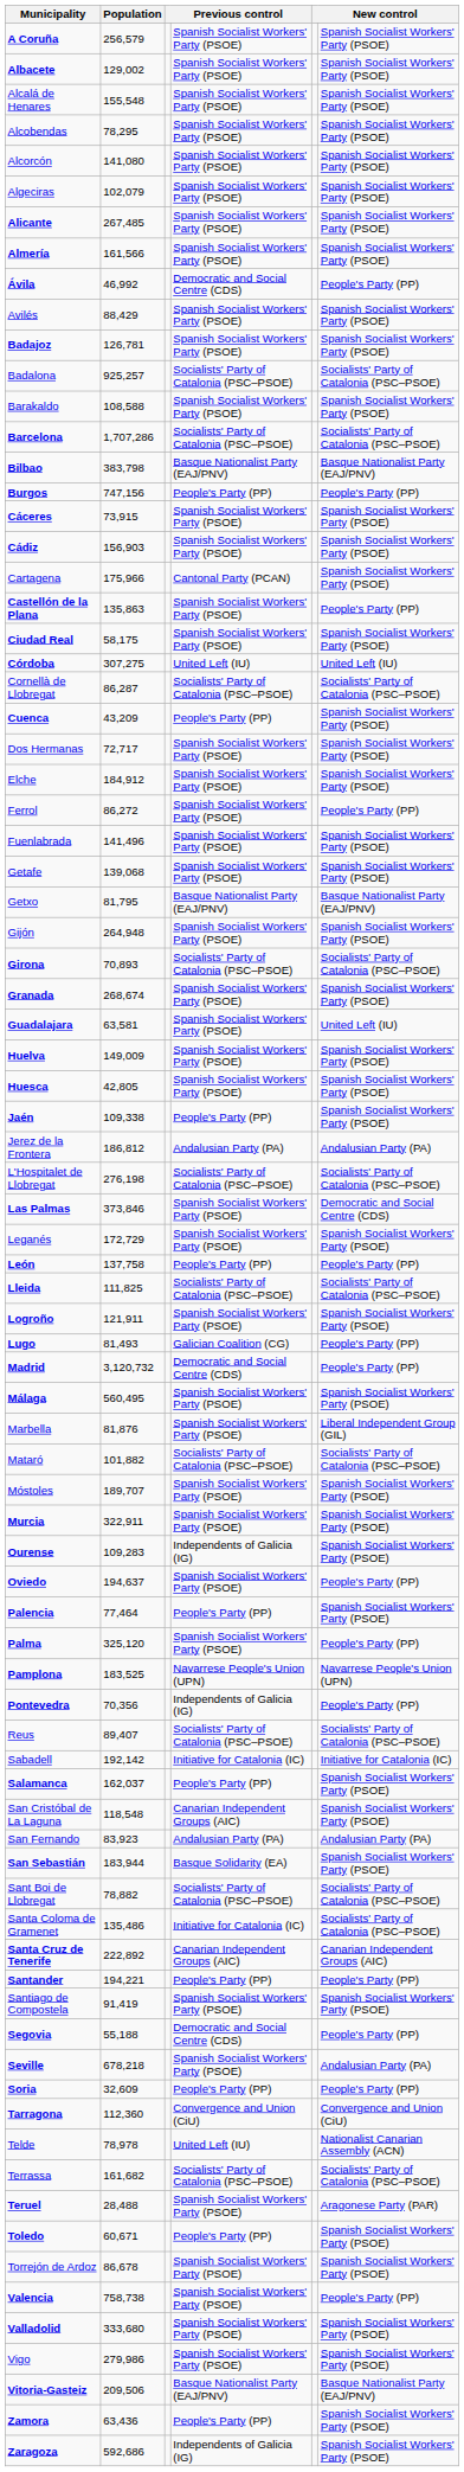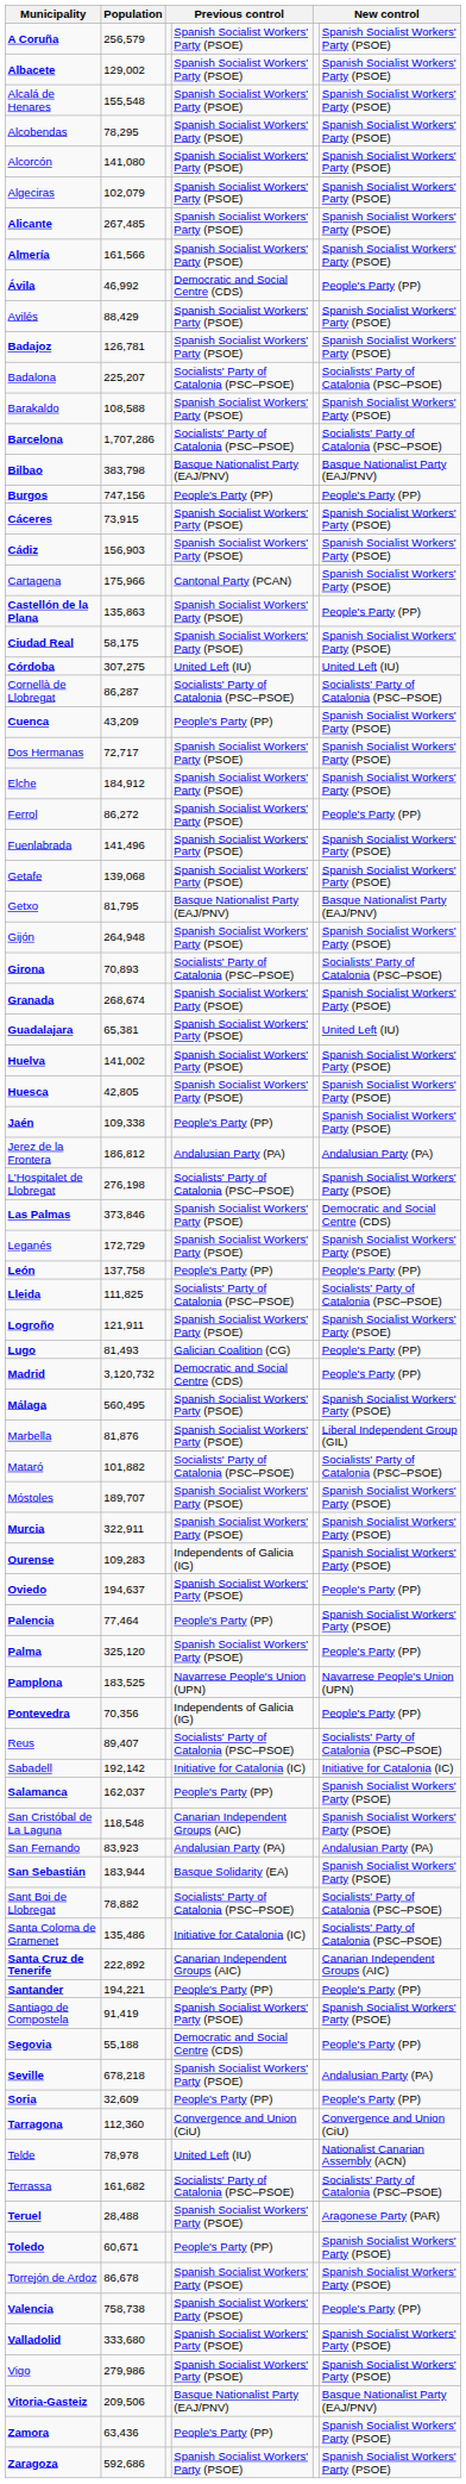 <table class="wikitable sortable" style="font-size:95%;">
 <tr>
 <th>Municipality</th>
 <th>Population</th>
 <th colspan="2" style="width:375px;">Previous control</th>
 <th colspan="2" style="width:375px;">New control</th>
 </tr>
 <tr>
 <td><strong><a href='#'>A Coruña</a></strong></td>
 <td>256,579</td>
 <td width="1" style="color:inherit;background:"></td>
 <td><a href='#'>Spanish Socialist Workers' Party</a> (PSOE)</td>
 <td width="1" style="color:inherit;background:"></td>
 <td><a href='#'>Spanish Socialist Workers' Party</a> (PSOE)</td>
 </tr>
 <tr>
 <td><strong><a href='#'>Albacete</a></strong></td>
 <td>129,002</td>
 <td style="color:inherit;background:"></td>
 <td><a href='#'>Spanish Socialist Workers' Party</a> (PSOE)</td>
 <td style="color:inherit;background:"></td>
 <td><a href='#'>Spanish Socialist Workers' Party</a> (PSOE)</td>
 </tr>
 <tr>
 <td><a href='#'>Alcalá de Henares</a></td>
 <td>155,548</td>
 <td style="color:inherit;background:"></td>
 <td><a href='#'>Spanish Socialist Workers' Party</a> (PSOE)</td>
 <td style="color:inherit;background:"></td>
 <td><a href='#'>Spanish Socialist Workers' Party</a> (PSOE)</td>
 </tr>
 <tr>
 <td><a href='#'>Alcobendas</a></td>
 <td>78,295</td>
 <td style="color:inherit;background:"></td>
 <td><a href='#'>Spanish Socialist Workers' Party</a> (PSOE)</td>
 <td style="color:inherit;background:"></td>
 <td><a href='#'>Spanish Socialist Workers' Party</a> (PSOE)</td>
 </tr>
 <tr>
 <td><a href='#'>Alcorcón</a></td>
 <td>141,080</td>
 <td style="color:inherit;background:"></td>
 <td><a href='#'>Spanish Socialist Workers' Party</a> (PSOE)</td>
 <td style="color:inherit;background:"></td>
 <td><a href='#'>Spanish Socialist Workers' Party</a> (PSOE)</td>
 </tr>
 <tr>
 <td><a href='#'>Algeciras</a></td>
 <td>102,079</td>
 <td style="color:inherit;background:"></td>
 <td><a href='#'>Spanish Socialist Workers' Party</a> (PSOE)</td>
 <td style="color:inherit;background:"></td>
 <td><a href='#'>Spanish Socialist Workers' Party</a> (PSOE)</td>
 </tr>
 <tr>
 <td><strong><a href='#'>Alicante</a></strong></td>
 <td>267,485</td>
 <td style="color:inherit;background:"></td>
 <td><a href='#'>Spanish Socialist Workers' Party</a> (PSOE)</td>
 <td style="color:inherit;background:"></td>
 <td><a href='#'>Spanish Socialist Workers' Party</a> (PSOE)</td>
 </tr>
 <tr>
 <td><strong><a href='#'>Almería</a></strong></td>
 <td>161,566</td>
 <td style="color:inherit;background:"></td>
 <td><a href='#'>Spanish Socialist Workers' Party</a> (PSOE)</td>
 <td style="color:inherit;background:"></td>
 <td><a href='#'>Spanish Socialist Workers' Party</a> (PSOE)</td>
 </tr>
 <tr>
 <td><strong><a href='#'>Ávila</a></strong></td>
 <td>46,992</td>
 <td style="color:inherit;background:"></td>
 <td><a href='#'>Democratic and Social Centre</a> (CDS)</td>
 <td style="color:inherit;background:"></td>
 <td><a href='#'>People's Party</a> (PP)</td>
 </tr>
 <tr>
 <td><a href='#'>Avilés</a></td>
 <td>88,429</td>
 <td style="color:inherit;background:"></td>
 <td><a href='#'>Spanish Socialist Workers' Party</a> (PSOE)</td>
 <td style="color:inherit;background:"></td>
 <td><a href='#'>Spanish Socialist Workers' Party</a> (PSOE)</td>
 </tr>
 <tr>
 <td><strong><a href='#'>Badajoz</a></strong></td>
 <td>126,781</td>
 <td style="color:inherit;background:"></td>
 <td><a href='#'>Spanish Socialist Workers' Party</a> (PSOE)</td>
 <td style="color:inherit;background:"></td>
 <td><a href='#'>Spanish Socialist Workers' Party</a> (PSOE)</td>
 </tr>
 <tr>
 <td><a href='#'>Badalona</a></td>
-<td>925,257</td>
+<td>225,207</td>
 <td style="color:inherit;background:"></td>
 <td><a href='#'>Socialists' Party of Catalonia</a> (PSC–PSOE)</td>
 <td style="color:inherit;background:"></td>
 <td><a href='#'>Socialists' Party of Catalonia</a> (PSC–PSOE)</td>
 </tr>
 <tr>
 <td><a href='#'>Barakaldo</a></td>
 <td>108,588</td>
 <td style="color:inherit;background:"></td>
 <td><a href='#'>Spanish Socialist Workers' Party</a> (PSOE)</td>
 <td style="color:inherit;background:"></td>
 <td><a href='#'>Spanish Socialist Workers' Party</a> (PSOE)</td>
 </tr>
 <tr>
 <td><strong><a href='#'>Barcelona</a></strong></td>
 <td>1,707,286</td>
 <td style="color:inherit;background:"></td>
 <td><a href='#'>Socialists' Party of Catalonia</a> (PSC–PSOE)</td>
 <td style="color:inherit;background:"></td>
 <td><a href='#'>Socialists' Party of Catalonia</a> (PSC–PSOE)</td>
 </tr>
 <tr>
 <td><strong><a href='#'>Bilbao</a></strong></td>
 <td>383,798</td>
 <td style="color:inherit;background:"></td>
 <td><a href='#'>Basque Nationalist Party</a> (EAJ/PNV)</td>
 <td style="color:inherit;background:"></td>
 <td><a href='#'>Basque Nationalist Party</a> (EAJ/PNV)</td>
 </tr>
 <tr>
 <td><strong><a href='#'>Burgos</a></strong></td>
 <td>747,156</td>
 <td style="color:inherit;background:"></td>
 <td><a href='#'>People's Party</a> (PP)</td>
 <td style="color:inherit;background:"></td>
 <td><a href='#'>People's Party</a> (PP)</td>
 </tr>
 <tr>
 <td><strong><a href='#'>Cáceres</a></strong></td>
 <td>73,915</td>
 <td style="color:inherit;background:"></td>
 <td><a href='#'>Spanish Socialist Workers' Party</a> (PSOE)</td>
 <td style="color:inherit;background:"></td>
 <td><a href='#'>Spanish Socialist Workers' Party</a> (PSOE)</td>
 </tr>
 <tr>
 <td><strong><a href='#'>Cádiz</a></strong></td>
 <td>156,903</td>
 <td style="color:inherit;background:"></td>
 <td><a href='#'>Spanish Socialist Workers' Party</a> (PSOE)</td>
 <td style="color:inherit;background:"></td>
 <td><a href='#'>Spanish Socialist Workers' Party</a> (PSOE)</td>
 </tr>
 <tr>
 <td><a href='#'>Cartagena</a></td>
 <td>175,966</td>
 <td style="color:inherit;background:"></td>
 <td><a href='#'>Cantonal Party</a> (PCAN)</td>
 <td style="color:inherit;background:"></td>
 <td><a href='#'>Spanish Socialist Workers' Party</a> (PSOE)</td>
 </tr>
 <tr>
 <td><strong><a href='#'>Castellón de la Plana</a></strong></td>
 <td>135,863</td>
 <td style="color:inherit;background:"></td>
 <td><a href='#'>Spanish Socialist Workers' Party</a> (PSOE)</td>
 <td style="color:inherit;background:"></td>
 <td><a href='#'>People's Party</a> (PP)</td>
 </tr>
 <tr>
 <td><strong><a href='#'>Ciudad Real</a></strong></td>
 <td>58,175</td>
 <td style="color:inherit;background:"></td>
 <td><a href='#'>Spanish Socialist Workers' Party</a> (PSOE)</td>
 <td style="color:inherit;background:"></td>
 <td><a href='#'>Spanish Socialist Workers' Party</a> (PSOE)</td>
 </tr>
 <tr>
 <td><strong><a href='#'>Córdoba</a></strong></td>
 <td>307,275</td>
 <td style="color:inherit;background:"></td>
 <td><a href='#'>United Left</a> (IU)</td>
 <td style="color:inherit;background:"></td>
 <td><a href='#'>United Left</a> (IU)</td>
 </tr>
 <tr>
 <td><a href='#'>Cornellà de Llobregat</a></td>
 <td>86,287</td>
 <td style="color:inherit;background:"></td>
 <td><a href='#'>Socialists' Party of Catalonia</a> (PSC–PSOE)</td>
 <td style="color:inherit;background:"></td>
 <td><a href='#'>Socialists' Party of Catalonia</a> (PSC–PSOE)</td>
 </tr>
 <tr>
 <td><strong><a href='#'>Cuenca</a></strong></td>
 <td>43,209</td>
 <td style="color:inherit;background:"></td>
 <td><a href='#'>People's Party</a> (PP)</td>
 <td style="color:inherit;background:"></td>
 <td><a href='#'>Spanish Socialist Workers' Party</a> (PSOE)</td>
 </tr>
 <tr>
 <td><a href='#'>Dos Hermanas</a></td>
 <td>72,717</td>
 <td style="color:inherit;background:"></td>
 <td><a href='#'>Spanish Socialist Workers' Party</a> (PSOE)</td>
 <td style="color:inherit;background:"></td>
 <td><a href='#'>Spanish Socialist Workers' Party</a> (PSOE)</td>
 </tr>
 <tr>
 <td><a href='#'>Elche</a></td>
 <td>184,912</td>
 <td style="color:inherit;background:"></td>
 <td><a href='#'>Spanish Socialist Workers' Party</a> (PSOE)</td>
 <td style="color:inherit;background:"></td>
 <td><a href='#'>Spanish Socialist Workers' Party</a> (PSOE)</td>
 </tr>
 <tr>
 <td><a href='#'>Ferrol</a></td>
 <td>86,272</td>
 <td style="color:inherit;background:"></td>
 <td><a href='#'>Spanish Socialist Workers' Party</a> (PSOE)</td>
 <td style="color:inherit;background:"></td>
 <td><a href='#'>People's Party</a> (PP) </td>
 </tr>
 <tr>
 <td><a href='#'>Fuenlabrada</a></td>
 <td>141,496</td>
 <td style="color:inherit;background:"></td>
 <td><a href='#'>Spanish Socialist Workers' Party</a> (PSOE)</td>
 <td style="color:inherit;background:"></td>
 <td><a href='#'>Spanish Socialist Workers' Party</a> (PSOE)</td>
 </tr>
 <tr>
 <td><a href='#'>Getafe</a></td>
 <td>139,068</td>
 <td style="color:inherit;background:"></td>
 <td><a href='#'>Spanish Socialist Workers' Party</a> (PSOE)</td>
 <td style="color:inherit;background:"></td>
 <td><a href='#'>Spanish Socialist Workers' Party</a> (PSOE)</td>
 </tr>
 <tr>
 <td><a href='#'>Getxo</a></td>
 <td>81,795</td>
 <td style="color:inherit;background:"></td>
 <td><a href='#'>Basque Nationalist Party</a> (EAJ/PNV)</td>
 <td style="color:inherit;background:"></td>
 <td><a href='#'>Basque Nationalist Party</a> (EAJ/PNV)</td>
 </tr>
 <tr>
 <td><a href='#'>Gijón</a></td>
 <td>264,948</td>
 <td style="color:inherit;background:"></td>
 <td><a href='#'>Spanish Socialist Workers' Party</a> (PSOE)</td>
 <td style="color:inherit;background:"></td>
 <td><a href='#'>Spanish Socialist Workers' Party</a> (PSOE)</td>
 </tr>
 <tr>
 <td><strong><a href='#'>Girona</a></strong></td>
 <td>70,893</td>
 <td style="color:inherit;background:"></td>
 <td><a href='#'>Socialists' Party of Catalonia</a> (PSC–PSOE)</td>
 <td style="color:inherit;background:"></td>
 <td><a href='#'>Socialists' Party of Catalonia</a> (PSC–PSOE)</td>
 </tr>
 <tr>
 <td><strong><a href='#'>Granada</a></strong></td>
 <td>268,674</td>
 <td style="color:inherit;background:"></td>
 <td><a href='#'>Spanish Socialist Workers' Party</a> (PSOE)</td>
 <td style="color:inherit;background:"></td>
 <td><a href='#'>Spanish Socialist Workers' Party</a> (PSOE)</td>
 </tr>
 <tr>
 <td><strong><a href='#'>Guadalajara</a></strong></td>
-<td>63,581</td>
+<td>65,381</td>
 <td style="color:inherit;background:"></td>
 <td><a href='#'>Spanish Socialist Workers' Party</a> (PSOE)</td>
 <td style="color:inherit;background:"></td>
 <td><a href='#'>United Left</a> (IU) </td>
 </tr>
 <tr>
 <td><strong><a href='#'>Huelva</a></strong></td>
-<td>149,009</td>
+<td>141,002</td>
 <td style="color:inherit;background:"></td>
 <td><a href='#'>Spanish Socialist Workers' Party</a> (PSOE)</td>
 <td style="color:inherit;background:"></td>
 <td><a href='#'>Spanish Socialist Workers' Party</a> (PSOE)</td>
 </tr>
 <tr>
 <td><strong><a href='#'>Huesca</a></strong></td>
 <td>42,805</td>
 <td style="color:inherit;background:"></td>
 <td><a href='#'>Spanish Socialist Workers' Party</a> (PSOE)</td>
 <td style="color:inherit;background:"></td>
 <td><a href='#'>Spanish Socialist Workers' Party</a> (PSOE)</td>
 </tr>
 <tr>
 <td><strong><a href='#'>Jaén</a></strong></td>
 <td>109,338</td>
 <td style="color:inherit;background:"></td>
 <td><a href='#'>People's Party</a> (PP)</td>
 <td style="color:inherit;background:"></td>
 <td><a href='#'>Spanish Socialist Workers' Party</a> (PSOE)</td>
 </tr>
 <tr>
 <td><a href='#'>Jerez de la Frontera</a></td>
 <td>186,812</td>
 <td style="color:inherit;background:"></td>
 <td><a href='#'>Andalusian Party</a> (PA)</td>
 <td style="color:inherit;background:"></td>
 <td><a href='#'>Andalusian Party</a> (PA) </td>
 </tr>
 <tr>
 <td><a href='#'>L'Hospitalet de Llobregat</a></td>
 <td>276,198</td>
 <td style="color:inherit;background:"></td>
 <td><a href='#'>Socialists' Party of Catalonia</a> (PSC–PSOE)</td>
 <td style="color:inherit;background:"></td>
-<td><a href='#'>Socialists' Party of Catalonia</a> (PSC–PSOE)</td>
+<td><a href='#'>Spanish Socialist Workers' Party</a> (PSOE)</td>
 </tr>
 <tr>
 <td><strong><a href='#'>Las Palmas</a></strong></td>
 <td>373,846</td>
 <td style="color:inherit;background:"></td>
 <td><a href='#'>Spanish Socialist Workers' Party</a> (PSOE)</td>
 <td style="color:inherit;background:"></td>
 <td><a href='#'>Democratic and Social Centre</a> (CDS) </td>
 </tr>
 <tr>
 <td><a href='#'>Leganés</a></td>
 <td>172,729</td>
 <td style="color:inherit;background:"></td>
 <td><a href='#'>Spanish Socialist Workers' Party</a> (PSOE)</td>
 <td style="color:inherit;background:"></td>
 <td><a href='#'>Spanish Socialist Workers' Party</a> (PSOE)</td>
 </tr>
 <tr>
 <td><strong><a href='#'>León</a></strong></td>
 <td>137,758</td>
 <td style="color:inherit;background:"></td>
 <td><a href='#'>People's Party</a> (PP)</td>
 <td style="color:inherit;background:"></td>
 <td><a href='#'>People's Party</a> (PP)</td>
 </tr>
 <tr>
 <td><strong><a href='#'>Lleida</a></strong></td>
 <td>111,825</td>
 <td style="color:inherit;background:"></td>
 <td><a href='#'>Socialists' Party of Catalonia</a> (PSC–PSOE)</td>
 <td style="color:inherit;background:"></td>
 <td><a href='#'>Socialists' Party of Catalonia</a> (PSC–PSOE)</td>
 </tr>
 <tr>
 <td><strong><a href='#'>Logroño</a></strong></td>
 <td>121,911</td>
 <td style="color:inherit;background:"></td>
 <td><a href='#'>Spanish Socialist Workers' Party</a> (PSOE)</td>
 <td style="color:inherit;background:"></td>
 <td><a href='#'>Spanish Socialist Workers' Party</a> (PSOE)</td>
 </tr>
 <tr>
 <td><strong><a href='#'>Lugo</a></strong></td>
 <td>81,493</td>
 <td style="color:inherit;background:"></td>
 <td><a href='#'>Galician Coalition</a> (CG)</td>
 <td style="color:inherit;background:"></td>
 <td><a href='#'>People's Party</a> (PP)</td>
 </tr>
 <tr>
 <td><strong><a href='#'>Madrid</a></strong></td>
 <td>3,120,732</td>
 <td style="color:inherit;background:"></td>
 <td><a href='#'>Democratic and Social Centre</a> (CDS)</td>
 <td style="color:inherit;background:"></td>
 <td><a href='#'>People's Party</a> (PP)</td>
 </tr>
 <tr>
 <td><strong><a href='#'>Málaga</a></strong></td>
 <td>560,495</td>
 <td style="color:inherit;background:"></td>
 <td><a href='#'>Spanish Socialist Workers' Party</a> (PSOE)</td>
 <td style="color:inherit;background:"></td>
 <td><a href='#'>Spanish Socialist Workers' Party</a> (PSOE)</td>
 </tr>
 <tr>
 <td><a href='#'>Marbella</a></td>
 <td>81,876</td>
 <td style="color:inherit;background:"></td>
 <td><a href='#'>Spanish Socialist Workers' Party</a> (PSOE)</td>
 <td style="color:inherit;background:"></td>
 <td><a href='#'>Liberal Independent Group</a> (GIL)</td>
 </tr>
 <tr>
 <td><a href='#'>Mataró</a></td>
 <td>101,882</td>
 <td style="color:inherit;background:"></td>
 <td><a href='#'>Socialists' Party of Catalonia</a> (PSC–PSOE)</td>
 <td style="color:inherit;background:"></td>
 <td><a href='#'>Socialists' Party of Catalonia</a> (PSC–PSOE)</td>
 </tr>
 <tr>
 <td><a href='#'>Móstoles</a></td>
 <td>189,707</td>
 <td style="color:inherit;background:"></td>
 <td><a href='#'>Spanish Socialist Workers' Party</a> (PSOE)</td>
 <td style="color:inherit;background:"></td>
 <td><a href='#'>Spanish Socialist Workers' Party</a> (PSOE)</td>
 </tr>
 <tr>
 <td><strong><a href='#'>Murcia</a></strong></td>
 <td>322,911</td>
 <td style="color:inherit;background:"></td>
 <td><a href='#'>Spanish Socialist Workers' Party</a> (PSOE)</td>
 <td style="color:inherit;background:"></td>
 <td><a href='#'>Spanish Socialist Workers' Party</a> (PSOE)</td>
 </tr>
 <tr>
 <td><strong><a href='#'>Ourense</a></strong></td>
 <td>109,283</td>
 <td style="color:inherit;background:"></td>
 <td>Independents of Galicia (IG)</td>
 <td style="color:inherit;background:"></td>
 <td><a href='#'>Spanish Socialist Workers' Party</a> (PSOE)</td>
 </tr>
 <tr>
 <td><strong><a href='#'>Oviedo</a></strong></td>
 <td>194,637</td>
 <td style="color:inherit;background:"></td>
 <td><a href='#'>Spanish Socialist Workers' Party</a> (PSOE)</td>
 <td style="color:inherit;background:"></td>
 <td><a href='#'>People's Party</a> (PP)</td>
 </tr>
 <tr>
 <td><strong><a href='#'>Palencia</a></strong></td>
 <td>77,464</td>
 <td style="color:inherit;background:"></td>
 <td><a href='#'>People's Party</a> (PP)</td>
 <td style="color:inherit;background:"></td>
 <td><a href='#'>Spanish Socialist Workers' Party</a> (PSOE)</td>
 </tr>
 <tr>
 <td><strong><a href='#'>Palma</a></strong></td>
 <td>325,120</td>
 <td style="color:inherit;background:"></td>
 <td><a href='#'>Spanish Socialist Workers' Party</a> (PSOE)</td>
 <td style="color:inherit;background:"></td>
 <td><a href='#'>People's Party</a> (PP)</td>
 </tr>
 <tr>
 <td><strong><a href='#'>Pamplona</a></strong></td>
 <td>183,525</td>
 <td style="color:inherit;background:"></td>
 <td><a href='#'>Navarrese People's Union</a> (UPN)</td>
 <td style="color:inherit;background:"></td>
 <td><a href='#'>Navarrese People's Union</a> (UPN)</td>
 </tr>
 <tr>
 <td><strong><a href='#'>Pontevedra</a></strong></td>
 <td>70,356</td>
 <td style="color:inherit;background:"></td>
 <td>Independents of Galicia (IG)</td>
 <td style="color:inherit;background:"></td>
 <td><a href='#'>People's Party</a> (PP)</td>
 </tr>
 <tr>
 <td><a href='#'>Reus</a></td>
 <td>89,407</td>
 <td style="color:inherit;background:"></td>
 <td><a href='#'>Socialists' Party of Catalonia</a> (PSC–PSOE)</td>
 <td style="color:inherit;background:"></td>
 <td><a href='#'>Socialists' Party of Catalonia</a> (PSC–PSOE)</td>
 </tr>
 <tr>
 <td><a href='#'>Sabadell</a></td>
 <td>192,142</td>
 <td style="color:inherit;background:"></td>
 <td><a href='#'>Initiative for Catalonia</a> (IC)</td>
 <td style="color:inherit;background:"></td>
 <td><a href='#'>Initiative for Catalonia</a> (IC)</td>
 </tr>
 <tr>
 <td><strong><a href='#'>Salamanca</a></strong></td>
 <td>162,037</td>
 <td style="color:inherit;background:"></td>
 <td><a href='#'>People's Party</a> (PP)</td>
 <td style="color:inherit;background:"></td>
 <td><a href='#'>Spanish Socialist Workers' Party</a> (PSOE)</td>
 </tr>
 <tr>
 <td><a href='#'>San Cristóbal de La Laguna</a></td>
 <td>118,548</td>
 <td style="color:inherit;background:"></td>
 <td><a href='#'>Canarian Independent Groups</a> (AIC)</td>
 <td style="color:inherit;background:"></td>
 <td><a href='#'>Spanish Socialist Workers' Party</a> (PSOE) </td>
 </tr>
 <tr>
 <td><a href='#'>San Fernando</a></td>
 <td>83,923</td>
 <td style="color:inherit;background:"></td>
 <td><a href='#'>Andalusian Party</a> (PA)</td>
 <td style="color:inherit;background:"></td>
 <td><a href='#'>Andalusian Party</a> (PA)</td>
 </tr>
 <tr>
 <td><strong><a href='#'>San Sebastián</a></strong></td>
 <td>183,944</td>
 <td style="color:inherit;background:"></td>
 <td><a href='#'>Basque Solidarity</a> (EA)</td>
 <td style="color:inherit;background:"></td>
 <td><a href='#'>Spanish Socialist Workers' Party</a> (PSOE)</td>
 </tr>
 <tr>
 <td><a href='#'>Sant Boi de Llobregat</a></td>
 <td>78,882</td>
 <td style="color:inherit;background:"></td>
 <td><a href='#'>Socialists' Party of Catalonia</a> (PSC–PSOE)</td>
 <td style="color:inherit;background:"></td>
 <td><a href='#'>Socialists' Party of Catalonia</a> (PSC–PSOE)</td>
 </tr>
 <tr>
 <td><a href='#'>Santa Coloma de Gramenet</a></td>
 <td>135,486</td>
 <td style="color:inherit;background:"></td>
 <td><a href='#'>Initiative for Catalonia</a> (IC)</td>
 <td style="color:inherit;background:"></td>
 <td><a href='#'>Socialists' Party of Catalonia</a> (PSC–PSOE)</td>
 </tr>
 <tr>
 <td><strong><a href='#'>Santa Cruz de Tenerife</a></strong></td>
 <td>222,892</td>
 <td style="color:inherit;background:"></td>
 <td><a href='#'>Canarian Independent Groups</a> (AIC)</td>
 <td style="color:inherit;background:"></td>
 <td><a href='#'>Canarian Independent Groups</a> (AIC)</td>
 </tr>
 <tr>
 <td><strong><a href='#'>Santander</a></strong></td>
 <td>194,221</td>
 <td style="color:inherit;background:"></td>
 <td><a href='#'>People's Party</a> (PP)</td>
 <td style="color:inherit;background:"></td>
 <td><a href='#'>People's Party</a> (PP)</td>
 </tr>
 <tr>
 <td><a href='#'>Santiago de Compostela</a></td>
 <td>91,419</td>
 <td style="color:inherit;background:"></td>
 <td><a href='#'>Spanish Socialist Workers' Party</a> (PSOE)</td>
 <td style="color:inherit;background:"></td>
 <td><a href='#'>Spanish Socialist Workers' Party</a> (PSOE)</td>
 </tr>
 <tr>
 <td><strong><a href='#'>Segovia</a></strong></td>
 <td>55,188</td>
 <td style="color:inherit;background:"></td>
 <td><a href='#'>Democratic and Social Centre</a> (CDS)</td>
 <td style="color:inherit;background:"></td>
 <td><a href='#'>People's Party</a> (PP)</td>
 </tr>
 <tr>
 <td><strong><a href='#'>Seville</a></strong></td>
 <td>678,218</td>
 <td style="color:inherit;background:"></td>
 <td><a href='#'>Spanish Socialist Workers' Party</a> (PSOE)</td>
 <td style="color:inherit;background:"></td>
 <td><a href='#'>Andalusian Party</a> (PA)</td>
 </tr>
 <tr>
 <td><strong><a href='#'>Soria</a></strong></td>
 <td>32,609</td>
 <td style="color:inherit;background:"></td>
 <td><a href='#'>People's Party</a> (PP)</td>
 <td style="color:inherit;background:"></td>
 <td><a href='#'>People's Party</a> (PP)</td>
 </tr>
 <tr>
 <td><strong><a href='#'>Tarragona</a></strong></td>
 <td>112,360</td>
 <td style="color:inherit;background:"></td>
 <td><a href='#'>Convergence and Union</a> (CiU)</td>
 <td style="color:inherit;background:"></td>
 <td><a href='#'>Convergence and Union</a> (CiU)</td>
 </tr>
 <tr>
 <td><a href='#'>Telde</a></td>
 <td>78,978</td>
 <td style="color:inherit;background:"></td>
 <td><a href='#'>United Left</a> (IU)</td>
 <td style="color:inherit;background:"></td>
 <td><a href='#'>Nationalist Canarian Assembly</a> (ACN)</td>
 </tr>
 <tr>
 <td><a href='#'>Terrassa</a></td>
 <td>161,682</td>
 <td style="color:inherit;background:"></td>
 <td><a href='#'>Socialists' Party of Catalonia</a> (PSC–PSOE)</td>
 <td style="color:inherit;background:"></td>
 <td><a href='#'>Socialists' Party of Catalonia</a> (PSC–PSOE)</td>
 </tr>
 <tr>
 <td><strong><a href='#'>Teruel</a></strong></td>
 <td>28,488</td>
 <td style="color:inherit;background:"></td>
 <td><a href='#'>Spanish Socialist Workers' Party</a> (PSOE)</td>
 <td style="color:inherit;background:"></td>
 <td><a href='#'>Aragonese Party</a> (PAR)</td>
 </tr>
 <tr>
 <td><strong><a href='#'>Toledo</a></strong></td>
 <td>60,671</td>
 <td style="color:inherit;background:"></td>
 <td><a href='#'>People's Party</a> (PP)</td>
 <td style="color:inherit;background:"></td>
 <td><a href='#'>Spanish Socialist Workers' Party</a> (PSOE)</td>
 </tr>
 <tr>
 <td><a href='#'>Torrejón de Ardoz</a></td>
 <td>86,678</td>
 <td style="color:inherit;background:"></td>
 <td><a href='#'>Spanish Socialist Workers' Party</a> (PSOE)</td>
 <td style="color:inherit;background:"></td>
 <td><a href='#'>Spanish Socialist Workers' Party</a> (PSOE)</td>
 </tr>
 <tr>
 <td><strong><a href='#'>Valencia</a></strong></td>
 <td>758,738</td>
 <td style="color:inherit;background:"></td>
 <td><a href='#'>Spanish Socialist Workers' Party</a> (PSOE)</td>
 <td style="color:inherit;background:"></td>
 <td><a href='#'>People's Party</a> (PP)</td>
 </tr>
 <tr>
 <td><strong><a href='#'>Valladolid</a></strong></td>
 <td>333,680</td>
 <td style="color:inherit;background:"></td>
 <td><a href='#'>Spanish Socialist Workers' Party</a> (PSOE)</td>
 <td style="color:inherit;background:"></td>
 <td><a href='#'>Spanish Socialist Workers' Party</a> (PSOE)</td>
 </tr>
 <tr>
 <td><a href='#'>Vigo</a></td>
 <td>279,986</td>
 <td style="color:inherit;background:"></td>
 <td><a href='#'>Spanish Socialist Workers' Party</a> (PSOE)</td>
 <td style="color:inherit;background:"></td>
 <td><a href='#'>Spanish Socialist Workers' Party</a> (PSOE)</td>
 </tr>
 <tr>
 <td><strong><a href='#'>Vitoria-Gasteiz</a></strong></td>
 <td>209,506</td>
 <td style="color:inherit;background:"></td>
 <td><a href='#'>Basque Nationalist Party</a> (EAJ/PNV)</td>
 <td style="color:inherit;background:"></td>
 <td><a href='#'>Basque Nationalist Party</a> (EAJ/PNV)</td>
 </tr>
 <tr>
 <td><strong><a href='#'>Zamora</a></strong></td>
 <td>63,436</td>
 <td style="color:inherit;background:"></td>
 <td><a href='#'>People's Party</a> (PP)</td>
 <td style="color:inherit;background:"></td>
 <td><a href='#'>Spanish Socialist Workers' Party</a> (PSOE)</td>
 </tr>
 <tr>
 <td><strong><a href='#'>Zaragoza</a></strong></td>
 <td>592,686</td>
 <td style="color:inherit;background:"></td>
-<td>Independents of Galicia (IG)</td>
+<td><a href='#'>Spanish Socialist Workers' Party</a> (PSOE)</td>
 <td style="color:inherit;background:"></td>
 <td><a href='#'>Spanish Socialist Workers' Party</a> (PSOE)</td>
 </tr>
 </table>
